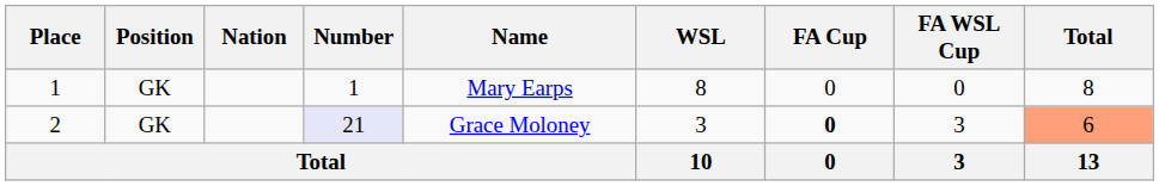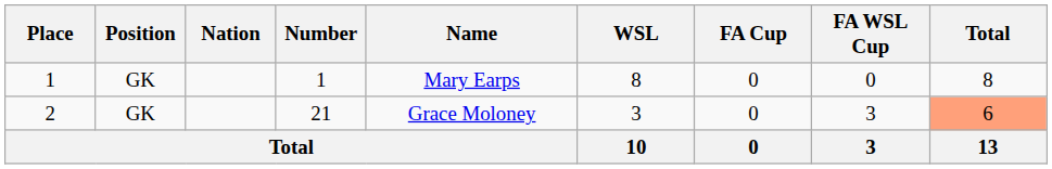 <table class="wikitable" style="font-size: 95%; text-align: center;">
 <tr>
 <th width=60>Place</th>
 <th width=60>Position</th>
 <th width=60>Nation</th>
 <th width=60>Number</th>
 <th width=150>Name</th>
 <th width=80>WSL</th>
 <th width=80>FA Cup</th>
 <th width=80>FA WSL Cup</th>
 <th width=80>Total</th>
 </tr>
 <tr>
 <td>1</td>
 <td>GK</td>
 <td></td>
 <td>1</td>
 <td><a href='#'>Mary Earps</a></td>
 <td>8</td>
 <td>0</td>
 <td>0</td>
 <td>8</td>
 </tr>
 <tr>
 <td>2</td>
 <td>GK</td>
 <td></td>
-<td style="background: lavender;">21</td>
+<td>21</td>
 <td><a href='#'>Grace Moloney</a></td>
 <td>3</td>
-<td><strong>0</strong></td>
+<td>0</td>
 <td>3</td>
 <td style="background: lightsalmon;">6</td>
 </tr>
 <tr>
 <th colspan=5>Total</th>
 <th>10</th>
 <th>0</th>
 <th>3</th>
 <th>13</th>
 </tr>
 </table>
